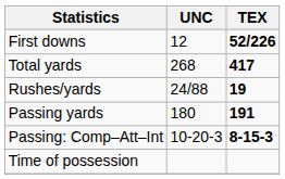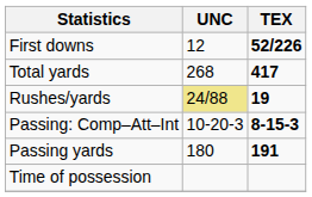 <table class="wikitable" style="float: left;">
 <tr>
 <th>Statistics</th>
 <th>UNC</th>
 <th>TEX</th>
 </tr>
 <tr>
 <td>First downs</td>
 <td>12</td>
 <td><strong>52/226</strong></td>
 </tr>
 <tr>
 <td>Total yards</td>
 <td>268</td>
 <td><strong>417</strong></td>
 </tr>
 <tr>
 <td>Rushes/yards</td>
-<td>24/88</td>
+<td style="background: khaki;">24/88</td>
 <td><strong>19</strong></td>
+</tr>
+<tr>
+<td>Passing: Comp–Att–Int</td>
+<td>10-20-3</td>
+<td><strong>8-15-3</strong></td>
 </tr>
 <tr>
 <td>Passing yards</td>
 <td>180</td>
 <td><strong>191</strong></td>
-</tr>
-<tr>
-<td>Passing: Comp–Att–Int</td>
-<td>10-20-3</td>
-<td><strong>8-15-3</strong></td>
 </tr>
 <tr>
 <td>Time of possession</td>
 <td></td>
 <td></td>
 </tr>
 <tr>
 </tr>
 </table>
